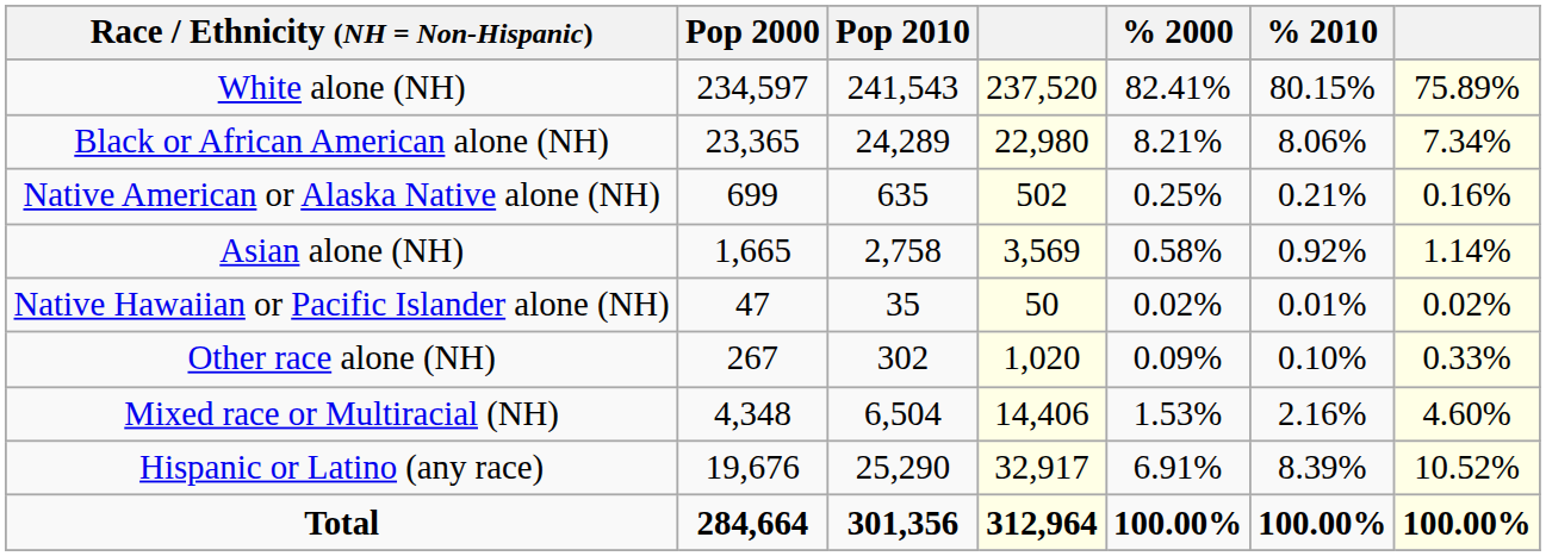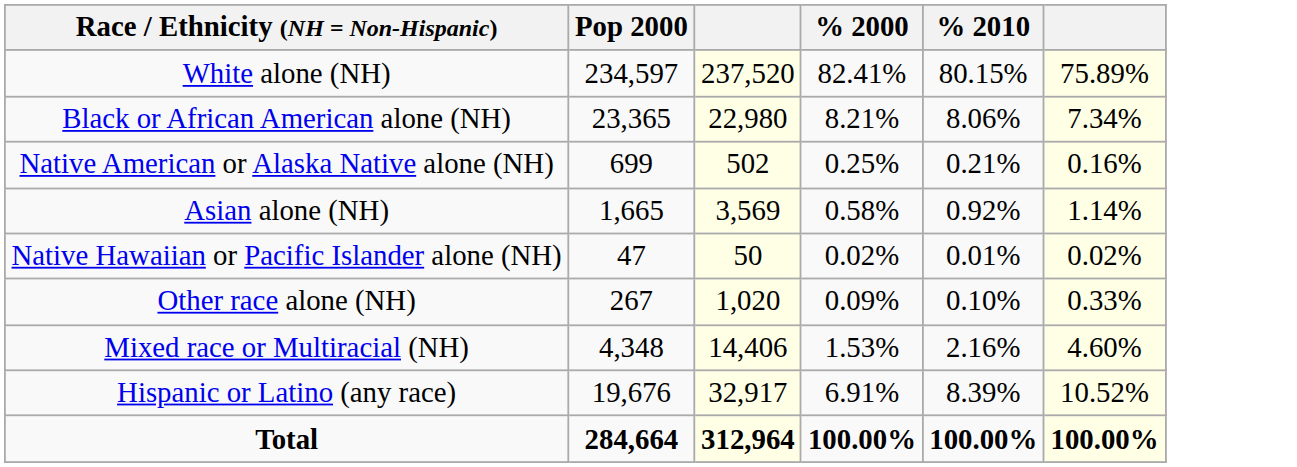 <table class="wikitable" style="text-align:center;">
 <tr>
 <th>Race / Ethnicity <small>(<em>NH = Non-Hispanic</em>)</small></th>
 <th>Pop 2000</th>
-<th>Pop 2010</th>
 <th></th>
 <th>% 2000</th>
 <th>% 2010</th>
 <th></th>
 </tr>
 <tr>
 <td><a href='#'>White</a> alone (NH)</td>
 <td>234,597</td>
-<td>241,543</td>
 <td style='background: #ffffe6;'>237,520</td>
 <td>82.41%</td>
 <td>80.15%</td>
 <td style='background: #ffffe6;'>75.89%</td>
 </tr>
 <tr>
 <td><a href='#'>Black or African American</a> alone (NH)</td>
 <td>23,365</td>
-<td>24,289</td>
 <td style='background: #ffffe6;'>22,980</td>
 <td>8.21%</td>
 <td>8.06%</td>
 <td style='background: #ffffe6;'>7.34%</td>
 </tr>
 <tr>
 <td><a href='#'>Native American</a> or <a href='#'>Alaska Native</a> alone (NH)</td>
 <td>699</td>
-<td>635</td>
 <td style='background: #ffffe6;'>502</td>
 <td>0.25%</td>
 <td>0.21%</td>
 <td style='background: #ffffe6;'>0.16%</td>
 </tr>
 <tr>
 <td><a href='#'>Asian</a> alone (NH)</td>
 <td>1,665</td>
-<td>2,758</td>
 <td style='background: #ffffe6;'>3,569</td>
 <td>0.58%</td>
 <td>0.92%</td>
 <td style='background: #ffffe6;'>1.14%</td>
 </tr>
 <tr>
 <td><a href='#'>Native Hawaiian</a> or <a href='#'>Pacific Islander</a> alone (NH)</td>
 <td>47</td>
-<td>35</td>
 <td style='background: #ffffe6;'>50</td>
 <td>0.02%</td>
 <td>0.01%</td>
 <td style='background: #ffffe6;'>0.02%</td>
 </tr>
 <tr>
 <td><a href='#'>Other race</a> alone (NH)</td>
 <td>267</td>
-<td>302</td>
 <td style='background: #ffffe6;'>1,020</td>
 <td>0.09%</td>
 <td>0.10%</td>
 <td style='background: #ffffe6;'>0.33%</td>
 </tr>
 <tr>
 <td><a href='#'>Mixed race or Multiracial</a> (NH)</td>
 <td>4,348</td>
-<td>6,504</td>
 <td style='background: #ffffe6;'>14,406</td>
 <td>1.53%</td>
 <td>2.16%</td>
 <td style='background: #ffffe6;'>4.60%</td>
 </tr>
 <tr>
 <td><a href='#'>Hispanic or Latino</a> (any race)</td>
 <td>19,676</td>
-<td>25,290</td>
 <td style='background: #ffffe6;'>32,917</td>
 <td>6.91%</td>
 <td>8.39%</td>
 <td style='background: #ffffe6;'>10.52%</td>
 </tr>
 <tr>
 <td><strong>Total</strong></td>
 <td><strong>284,664</strong></td>
-<td><strong>301,356</strong></td>
 <td style='background: #ffffe6;'><strong>312,964</strong></td>
 <td><strong>100.00%</strong></td>
 <td><strong>100.00%</strong></td>
 <td style='background: #ffffe6;'><strong>100.00%</strong></td>
 </tr>
 </table>
